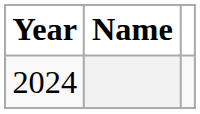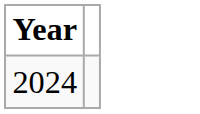 <table class="wikitable sortable plainrowheaders" style="text-align:center">
 <tr>
 <th scope="col" style="background-color:#ffffff; border-top:#">Year</th>
-<th scope="col" style="background-color:#ffffff; border-top:#">Name</th>
 <th scope="col" class="unsortable" style="background-color:#ffffff; border-top:#"></th>
 </tr>
 <tr>
 <td>2024</td>
-<th scope="row" style="text-align:center"></th>
 <td></td>
 </tr>
 </table>
